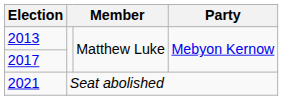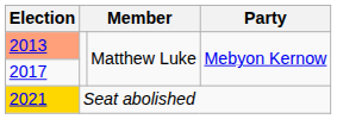 <table class="wikitable">
 <tr>
 <th>Election</th>
 <th colspan="2">Member</th>
 <th>Party</th>
 </tr>
 <tr>
-<td><a href='#'>2013</a></td>
+<td style="background: lightsalmon;"><a href='#'>2013</a></td>
 <td rowspan="2" style="background-color: "></td>
 <td rowspan="2">Matthew Luke</td>
 <td rowspan="2"><a href='#'>Mebyon Kernow</a></td>
 </tr>
 <tr>
 <td><a href='#'>2017</a></td>
 </tr>
 <tr>
-<td><a href='#'>2021</a></td>
+<td style="background: gold;"><a href='#'>2021</a></td>
 <td colspan="3"><em>Seat abolished</em></td>
 </tr>
 </table>
